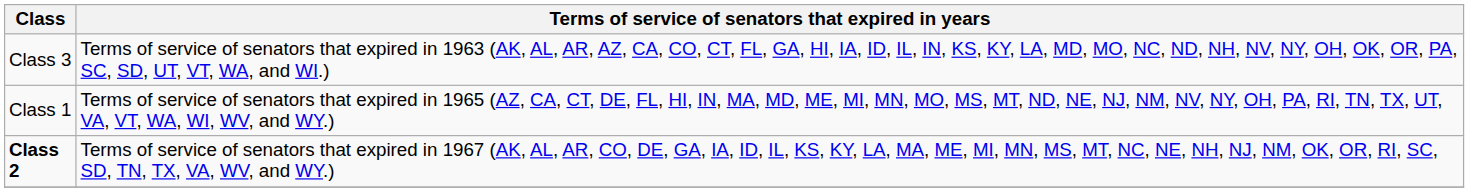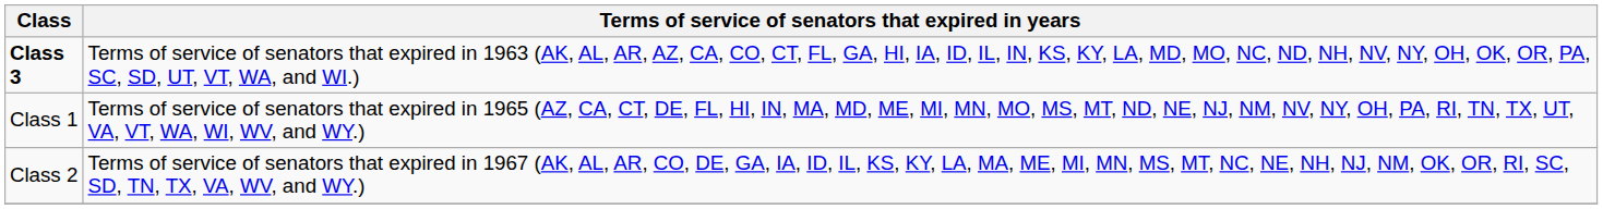 <table class="wikitable sortable">
 <tr valign=bottom>
 <th>Class</th>
 <th>Terms of service of senators that expired in years</th>
 </tr>
 <tr>
-<td>Class 3</td>
+<td><strong>Class 3</strong></td>
 <td>Terms of service of senators that expired in 1963 (<a href='#'>AK</a>, <a href='#'>AL</a>, <a href='#'>AR</a>, <a href='#'>AZ</a>, <a href='#'>CA</a>, <a href='#'>CO</a>, <a href='#'>CT</a>, <a href='#'>FL</a>, <a href='#'>GA</a>, <a href='#'>HI</a>, <a href='#'>IA</a>, <a href='#'>ID</a>, <a href='#'>IL</a>, <a href='#'>IN</a>,  <a href='#'>KS</a>, <a href='#'>KY</a>, <a href='#'>LA</a>, <a href='#'>MD</a>, <a href='#'>MO</a>, <a href='#'>NC</a>, <a href='#'>ND</a>, <a href='#'>NH</a>, <a href='#'>NV</a>, <a href='#'>NY</a>, <a href='#'>OH</a>, <a href='#'>OK</a>, <a href='#'>OR</a>, <a href='#'>PA</a>, <a href='#'>SC</a>, <a href='#'>SD</a>, <a href='#'>UT</a>, <a href='#'>VT</a>, <a href='#'>WA</a>, and <a href='#'>WI</a>.)</td>
 </tr>
 <tr>
 <td>Class 1</td>
 <td>Terms of service of senators that expired in 1965 (<a href='#'>AZ</a>, <a href='#'>CA</a>, <a href='#'>CT</a>, <a href='#'>DE</a>, <a href='#'>FL</a>, <a href='#'>HI</a>, <a href='#'>IN</a>, <a href='#'>MA</a>, <a href='#'>MD</a>, <a href='#'>ME</a>, <a href='#'>MI</a>, <a href='#'>MN</a>, <a href='#'>MO</a>, <a href='#'>MS</a>, <a href='#'>MT</a>, <a href='#'>ND</a>, <a href='#'>NE</a>, <a href='#'>NJ</a>, <a href='#'>NM</a>, <a href='#'>NV</a>, <a href='#'>NY</a>, <a href='#'>OH</a>, <a href='#'>PA</a>, <a href='#'>RI</a>, <a href='#'>TN</a>, <a href='#'>TX</a>, <a href='#'>UT</a>, <a href='#'>VA</a>, <a href='#'>VT</a>, <a href='#'>WA</a>, <a href='#'>WI</a>, <a href='#'>WV</a>, and <a href='#'>WY</a>.)</td>
 </tr>
 <tr>
-<td><strong>Class 2</strong></td>
+<td>Class 2</td>
 <td>Terms of service of senators that expired in 1967 (<a href='#'>AK</a>, <a href='#'>AL</a>, <a href='#'>AR</a>, <a href='#'>CO</a>, <a href='#'>DE</a>, <a href='#'>GA</a>, <a href='#'>IA</a>, <a href='#'>ID</a>, <a href='#'>IL</a>, <a href='#'>KS</a>, <a href='#'>KY</a>, <a href='#'>LA</a>, <a href='#'>MA</a>, <a href='#'>ME</a>, <a href='#'>MI</a>, <a href='#'>MN</a>, <a href='#'>MS</a>, <a href='#'>MT</a>, <a href='#'>NC</a>, <a href='#'>NE</a>, <a href='#'>NH</a>, <a href='#'>NJ</a>, <a href='#'>NM</a>, <a href='#'>OK</a>, <a href='#'>OR</a>, <a href='#'>RI</a>, <a href='#'>SC</a>, <a href='#'>SD</a>, <a href='#'>TN</a>, <a href='#'>TX</a>, <a href='#'>VA</a>, <a href='#'>WV</a>, and <a href='#'>WY</a>.)</td>
 </tr>
 <tr>
 </tr>
 </table>
